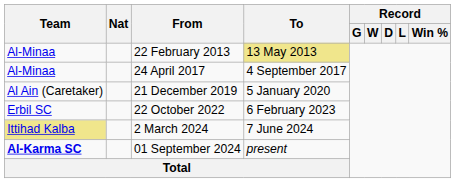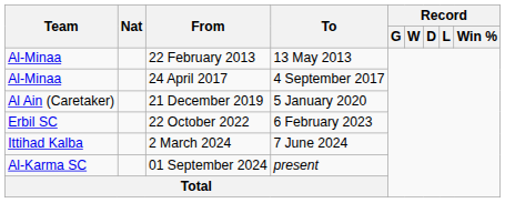 <table class="wikitable" style="text-align: center">
 <tr>
 <th rowspan="2">Team</th>
 <th rowspan="2">Nat</th>
 <th rowspan="2">From</th>
 <th rowspan="2">To</th>
 <th colspan="5">Record</th>
 </tr>
 <tr>
 <th>G</th>
 <th>W</th>
 <th>D</th>
 <th>L</th>
 <th>Win %</th>
 </tr>
 <tr>
 <td align=left><a href='#'>Al-Minaa</a></td>
 <td></td>
 <td align=left>22 February 2013</td>
-<td align=left style="background: khaki;">13 May 2013<br></td>
+<td align=left>13 May 2013<br></td>
 </tr>
 <tr>
 <td align=left><a href='#'>Al-Minaa</a></td>
 <td></td>
 <td align=left>24 April 2017</td>
 <td align=left>4 September 2017<br></td>
 </tr>
 <tr>
 <td align=left><a href='#'>Al Ain</a> (Caretaker)</td>
 <td></td>
 <td align=left>21 December 2019</td>
 <td align=left>5 January 2020<br></td>
 </tr>
 <tr>
 <td align=left><a href='#'>Erbil SC</a></td>
 <td></td>
 <td align=left>22 October 2022</td>
 <td align=left>6 February 2023<br></td>
 </tr>
 <tr>
-<td align=left style="background: khaki;"><a href='#'>Ittihad Kalba</a></td>
+<td align=left><a href='#'>Ittihad Kalba</a></td>
 <td></td>
 <td align=left>2 March 2024</td>
 <td align=left>7 June 2024<br></td>
 </tr>
 <tr>
-<td align=left><strong><a href='#'>Al-Karma SC</a></strong></td>
+<td align=left><a href='#'>Al-Karma SC</a></td>
 <td></td>
 <td align=left>01 September 2024</td>
 <td align=left><em>present</em><br></td>
 </tr>
 <tr>
 <th colspan="4" align="center" valign=middle>Total<br></th>
 </tr>
 </table>
